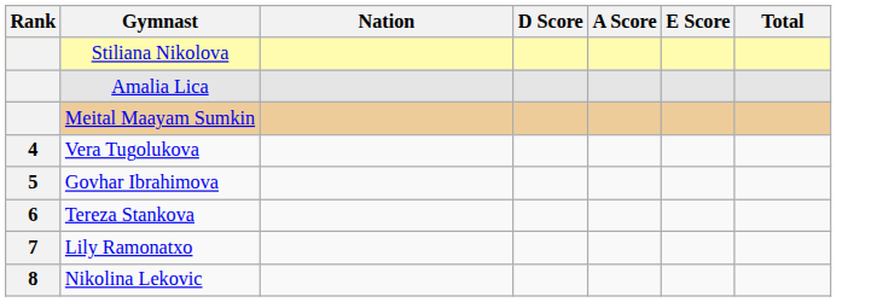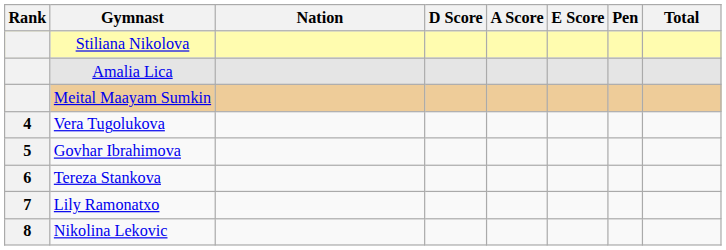 <table class="wikitable sortable" style="text-align:center; font-size:85%">
 <tr>
 <th scope="col" style="width:20px;">Rank</th>
 <th>Gymnast</th>
 <th scope="col" style="width:170px;">Nation</th>
 <th>D Score</th>
 <th>A Score</th>
 <th>E Score</th>
+<th>Pen</th>
 <th scope="col" style="width:60px;">Total</th>
 </tr>
 <tr bgcolor="fffcaf">
 <th scope="row"></th>
 <td><a href='#'>Stiliana Nikolova</a></td>
 <td align="left"></td>
+<td></td>
 <td></td>
 <td></td>
 <td></td>
 <td></td>
 </tr>
 <tr bgcolor="e5e5e5">
 <th scope="row"></th>
 <td><a href='#'>Amalia Lica</a></td>
 <td align="left"></td>
 <td></td>
 <td></td>
 <td></td>
 <td></td>
+<td></td>
 </tr>
 <tr bgcolor="eecc99">
 <th scope="row"></th>
 <td><a href='#'>Meital Maayam Sumkin</a></td>
 <td align="left"></td>
+<td></td>
 <td></td>
 <td></td>
 <td></td>
 <td></td>
 </tr>
 <tr>
 <th scope=row>4</th>
 <td align=left><a href='#'>Vera Tugolukova</a></td>
 <td style="text-align:left;"></td>
 <td></td>
 <td></td>
 <td></td>
 <td></td>
+<td></td>
 </tr>
 <tr>
 <th scope=row>5</th>
 <td align=left><a href='#'>Govhar Ibrahimova</a></td>
 <td style="text-align:left;"></td>
+<td></td>
 <td></td>
 <td></td>
 <td></td>
 <td></td>
 </tr>
 <tr>
 <th scope=row>6</th>
 <td align=left><a href='#'>Tereza Stankova</a></td>
 <td style="text-align:left;"></td>
 <td></td>
 <td></td>
 <td></td>
 <td></td>
+<td></td>
 </tr>
 <tr>
 <th scope=row>7</th>
 <td align=left><a href='#'>Lily Ramonatxo</a></td>
 <td style="text-align:left;"></td>
+<td></td>
 <td></td>
 <td></td>
 <td></td>
 <td></td>
 </tr>
 <tr>
 <th scope=row>8</th>
 <td align=left><a href='#'>Nikolina Lekovic</a></td>
 <td style="text-align:left;"></td>
 <td></td>
 <td></td>
 <td></td>
 <td></td>
+<td></td>
 </tr>
 </table>
